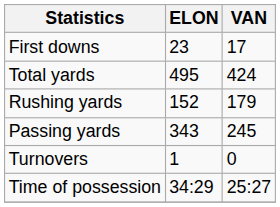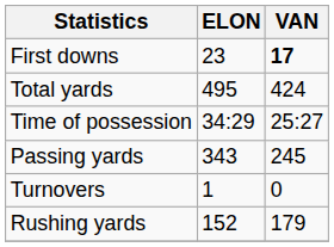 <table class="wikitable">
 <tr>
 <th>Statistics</th>
 <th>ELON</th>
 <th>VAN</th>
 </tr>
 <tr>
 <td>First downs</td>
 <td>23</td>
-<td>17</td>
+<td><strong>17</strong></td>
 </tr>
 <tr>
 <td>Total yards</td>
 <td>495</td>
 <td>424</td>
 </tr>
 <tr>
-<td>Rushing yards</td>
-<td>152</td>
-<td>179</td>
+<td>Time of possession</td>
+<td>34:29</td>
+<td>25:27</td>
 </tr>
 <tr>
 <td>Passing yards</td>
 <td>343</td>
 <td>245</td>
 </tr>
 <tr>
 <td>Turnovers</td>
 <td>1</td>
 <td>0</td>
 </tr>
 <tr>
-<td>Time of possession</td>
-<td>34:29</td>
-<td>25:27</td>
+<td>Rushing yards</td>
+<td>152</td>
+<td>179</td>
 </tr>
 <tr>
 </tr>
 </table>
